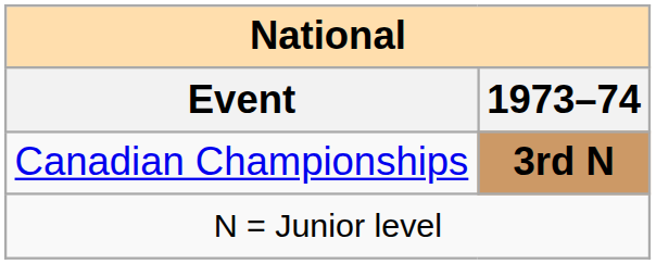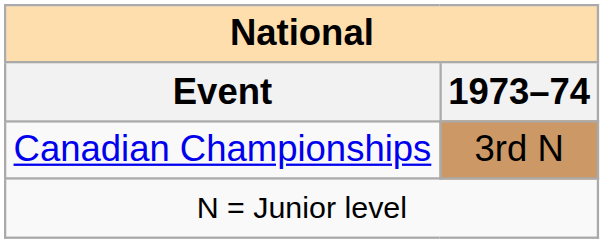 <table class="wikitable" style="text-align:center">
 <tr>
 <th style="background-color: #ffdead; " colspan=2 align=center>National</th>
 </tr>
 <tr>
 <th>Event</th>
 <th>1973–74</th>
 </tr>
 <tr>
 <td align=left><a href='#'>Canadian Championships</a></td>
-<td bgcolor=cc9966><strong>3rd N</strong></td>
+<td bgcolor=cc9966>3rd N</td>
 </tr>
 <tr>
 <td colspan=2 align=center><small> N = Junior level </small></td>
 </tr>
 </table>
